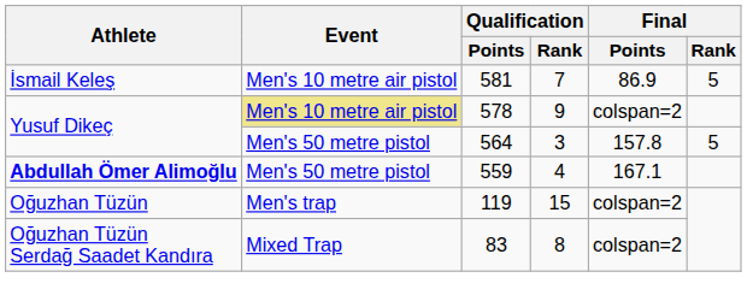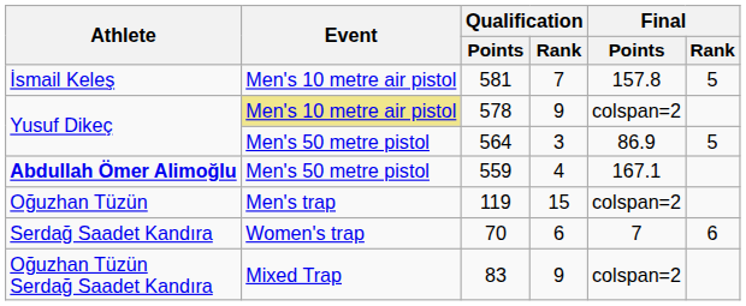 <table class="wikitable" style="font-size:90%">
 <tr>
 <th rowspan="2">Athlete</th>
 <th rowspan="2">Event</th>
 <th colspan=2>Qualification</th>
 <th colspan=2>Final</th>
 </tr>
 <tr style="font-size:95%">
 <th>Points</th>
 <th>Rank</th>
 <th>Points</th>
 <th>Rank</th>
 </tr>
 <tr align=center>
 <td align=left><a href='#'>İsmail Keleş</a></td>
 <td align=left><a href='#'>Men's 10 metre air pistol</a></td>
 <td>581</td>
 <td>7 </td>
-<td>86.9</td>
+<td>157.8</td>
 <td>5</td>
 </tr>
 <tr align=center>
 <td align=left rowspan=2><a href='#'>Yusuf Dikeç</a></td>
 <td align=left style="background: khaki;"><a href='#'>Men's 10 metre air pistol</a></td>
 <td>578</td>
 <td>9</td>
 <td>colspan=2 </td>
 </tr>
 <tr align=center>
 <td align=left><a href='#'>Men's 50 metre pistol</a></td>
 <td>564</td>
 <td>3 </td>
-<td>157.8</td>
+<td>86.9</td>
 <td>5</td>
 </tr>
 <tr align=center>
 <td align=left><strong><a href='#'>Abdullah Ömer Alimoğlu</a></strong></td>
 <td align=left><a href='#'>Men's 50 metre pistol</a></td>
 <td>559</td>
 <td>4 </td>
 <td>167.1</td>
 <td></td>
 </tr>
 <tr align=center>
 <td align=left><a href='#'>Oğuzhan Tüzün</a></td>
 <td align=left><a href='#'>Men's trap</a></td>
 <td>119</td>
 <td>15</td>
 <td>colspan=2 </td>
 </tr>
 <tr align=center>
+<td align=left><a href='#'>Serdağ Saadet Kandıra</a></td>
+<td align=left><a href='#'>Women's trap</a></td>
+<td>70</td>
+<td>6 </td>
+<td>7</td>
+<td>6</td>
+</tr>
+<tr align=center>
 <td align=left><a href='#'>Oğuzhan Tüzün</a><br><a href='#'>Serdağ Saadet Kandıra</a></td>
 <td align=left><a href='#'>Mixed Trap</a></td>
 <td>83</td>
-<td>8</td>
+<td>9</td>
 <td>colspan=2 </td>
 </tr>
 </table>
